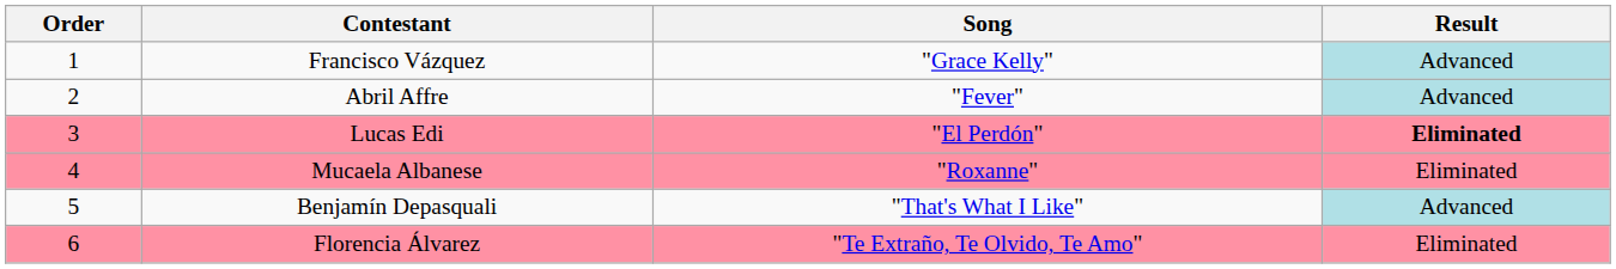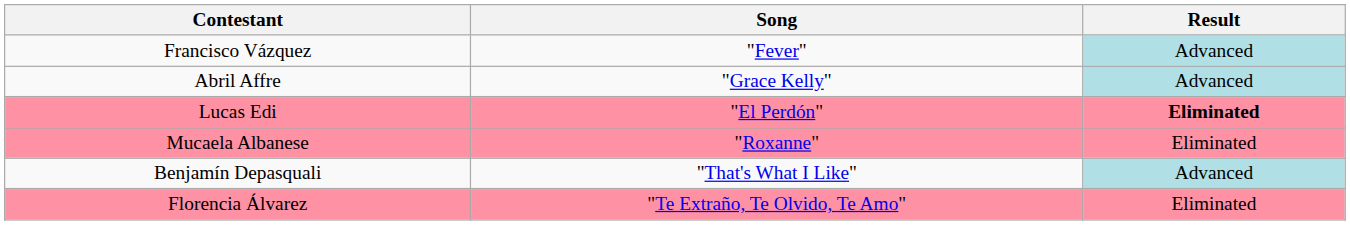 <table class="wikitable" style="text-align:center; width:70%;">
 <tr>
-<th scope="col" style="width:4%;">Order</th>
 <th scope="col" style="width:16%;">Contestant</th>
 <th scope="col" style="width:21%;">Song</th>
 <th scope="col" style="width:9%;">Result</th>
 </tr>
 <tr>
-<td>1</td>
 <td>Francisco Vázquez</td>
+<td>"<a href='#'>Fever</a>"</td>
+<td style="background:#B0E0E6;">Advanced</td>
+</tr>
+<tr>
+<td>Abril Affre</td>
 <td>"<a href='#'>Grace Kelly</a>"</td>
 <td style="background:#B0E0E6;">Advanced</td>
 </tr>
-<tr>
-<td>2</td>
-<td>Abril Affre</td>
-<td>"<a href='#'>Fever</a>"</td>
-<td style="background:#B0E0E6;">Advanced</td>
-</tr>
 <tr style="background:#FF91A4">
-<td>3</td>
 <td>Lucas Edi</td>
 <td>"<a href='#'>El Perdón</a>"</td>
 <td><strong>Eliminated</strong></td>
 </tr>
 <tr style="background:#FF91A4">
-<td>4</td>
 <td>Mucaela Albanese</td>
 <td>"<a href='#'>Roxanne</a>"</td>
 <td>Eliminated</td>
 </tr>
 <tr>
-<td>5</td>
 <td>Benjamín Depasquali</td>
 <td>"<a href='#'>That's What I Like</a>"</td>
 <td style="background:#B0E0E6;">Advanced</td>
 </tr>
 <tr style="background:#FF91A4">
-<td>6</td>
 <td>Florencia Álvarez</td>
 <td>"<a href='#'>Te Extraño, Te Olvido, Te Amo</a>"</td>
 <td>Eliminated</td>
 </tr>
 </table>
